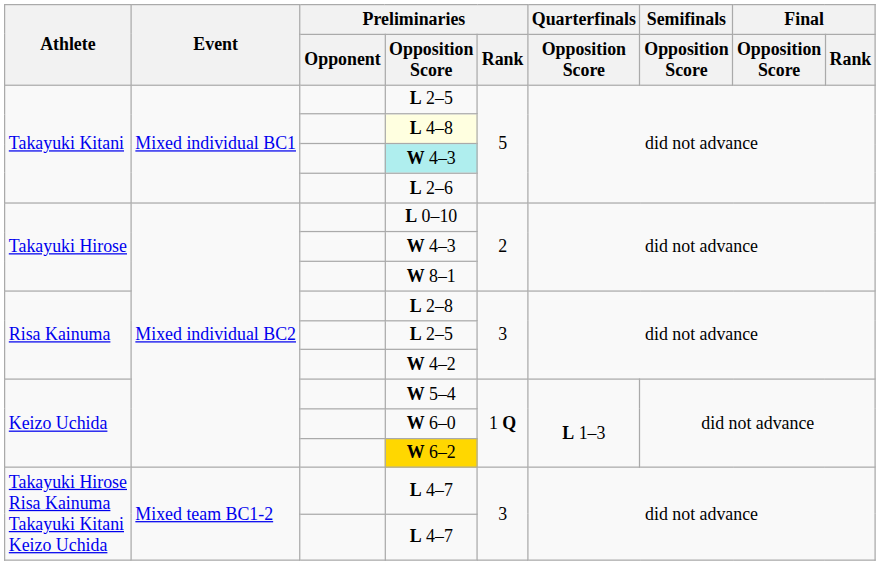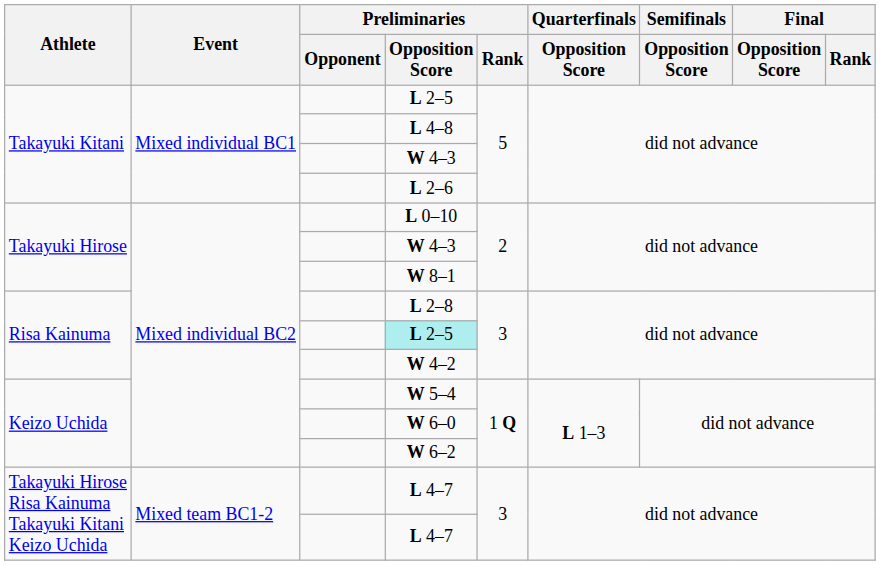 <table class=wikitable style="font-size:90%">
 <tr>
 <th rowspan="2">Athlete</th>
 <th rowspan="2">Event</th>
 <th colspan="3">Preliminaries</th>
 <th>Quarterfinals</th>
 <th>Semifinals</th>
 <th colspan="2">Final</th>
 </tr>
 <tr>
 <th>Opponent</th>
 <th>Opposition<br>Score</th>
 <th>Rank</th>
 <th>Opposition<br>Score</th>
 <th>Opposition<br>Score</th>
 <th>Opposition<br>Score</th>
 <th>Rank</th>
 </tr>
 <tr>
 <td rowspan="4"><a href='#'>Takayuki Kitani</a></td>
 <td rowspan="4"><a href='#'>Mixed individual BC1</a></td>
 <td align="left"></td>
 <td align="center"><strong>L</strong> 2–5</td>
 <td align="center" rowspan="4">5</td>
 <td align="center" rowspan="4" colspan="4">did not advance</td>
 </tr>
 <tr>
 <td align="left"></td>
-<td align="center" style="background: lightyellow;"><strong>L</strong> 4–8</td>
+<td align="center"><strong>L</strong> 4–8</td>
 </tr>
 <tr>
 <td align="left"></td>
-<td align="center" style="background: paleturquoise;"><strong>W</strong> 4–3</td>
+<td align="center"><strong>W</strong> 4–3</td>
 </tr>
 <tr>
 <td align="left"></td>
 <td align="center"><strong>L</strong> 2–6</td>
 </tr>
 <tr>
 <td rowspan="3"><a href='#'>Takayuki Hirose</a></td>
 <td rowspan="9"><a href='#'>Mixed individual BC2</a></td>
 <td align="left"></td>
 <td align="center"><strong>L</strong> 0–10</td>
 <td align="center" rowspan="3">2</td>
 <td align="center" rowspan="3" colspan="4">did not advance</td>
 </tr>
 <tr>
 <td align="left"></td>
 <td align="center"><strong>W</strong> 4–3</td>
 </tr>
 <tr>
 <td align="left"></td>
 <td align="center"><strong>W</strong> 8–1</td>
 </tr>
 <tr>
 <td rowspan="3"><a href='#'>Risa Kainuma</a></td>
 <td align="left"></td>
 <td align="center"><strong>L</strong> 2–8</td>
 <td align="center" rowspan="3">3</td>
 <td align="center" rowspan="3" colspan="4">did not advance</td>
 </tr>
 <tr>
 <td align="left"></td>
-<td align="center"><strong>L</strong> 2–5</td>
+<td align="center" style="background: paleturquoise;"><strong>L</strong> 2–5</td>
 </tr>
 <tr>
 <td align="left"></td>
 <td align="center"><strong>W</strong> 4–2</td>
 </tr>
 <tr>
 <td rowspan="3"><a href='#'>Keizo Uchida</a></td>
 <td align="left"></td>
 <td align="center"><strong>W</strong> 5–4</td>
 <td align="center" rowspan="3">1 <strong>Q</strong></td>
 <td align="center" rowspan="3"><br><strong>L</strong> 1–3</td>
 <td align="center" rowspan="3" colspan="3">did not advance</td>
 </tr>
 <tr>
 <td align="left"></td>
 <td align="center"><strong>W</strong> 6–0</td>
 </tr>
 <tr>
 <td align="left"></td>
-<td align="center" style="background: gold;"><strong>W</strong> 6–2</td>
+<td align="center"><strong>W</strong> 6–2</td>
 </tr>
 <tr>
 <td rowspan="2"><a href='#'>Takayuki Hirose</a><br> <a href='#'>Risa Kainuma</a><br> <a href='#'>Takayuki Kitani</a><br> <a href='#'>Keizo Uchida</a></td>
 <td rowspan="2"><a href='#'>Mixed team BC1-2</a></td>
 <td align="left"></td>
 <td align="center"><strong>L</strong> 4–7</td>
 <td align="center" rowspan="2">3</td>
 <td align="center" rowspan="2" colspan="4">did not advance</td>
 </tr>
 <tr>
 <td align="left"></td>
 <td align="center"><strong>L</strong> 4–7</td>
 </tr>
 </table>
